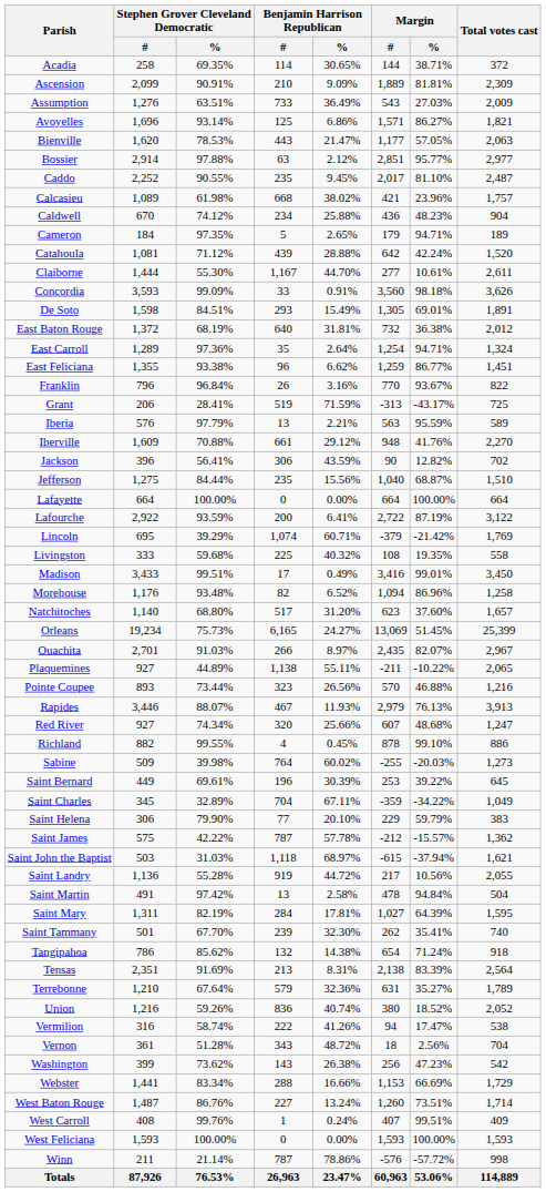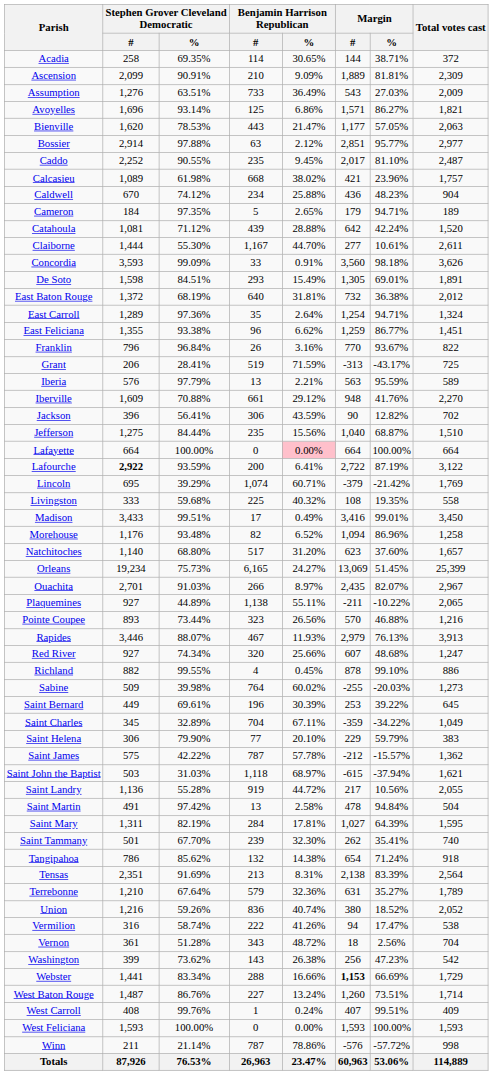 <table class="wikitable sortable mw-collapsible mw-collapsed nowrap">
 <tr>
 <th rowspan="2">Parish</th>
 <th colspan="2">Stephen Grover Cleveland<br>Democratic</th>
 <th colspan="2">Benjamin Harrison<br>Republican</th>
 <th colspan="2">Margin</th>
 <th rowspan="2" data-sort-type="number">Total votes cast</th>
 </tr>
 <tr>
 <th data-sort-type="number">#</th>
 <th data-sort-type="number">%</th>
 <th data-sort-type="number" width="11%">#</th>
 <th data-sort-type="number" width="11%">%</th>
 <th data-sort-type="number">#</th>
 <th data-sort-type="number">%</th>
 </tr>
 <tr style="text-align:center">
 <td><a href='#'>Acadia</a></td>
 <td>258</td>
 <td>69.35%</td>
 <td>114</td>
 <td>30.65%</td>
 <td>144</td>
 <td>38.71%</td>
 <td>372</td>
 </tr>
 <tr style="text-align:center">
 <td><a href='#'>Ascension</a></td>
 <td>2,099</td>
 <td>90.91%</td>
 <td>210</td>
 <td>9.09%</td>
 <td>1,889</td>
 <td>81.81%</td>
 <td>2,309</td>
 </tr>
 <tr style="text-align:center">
 <td><a href='#'>Assumption</a></td>
 <td>1,276</td>
 <td>63.51%</td>
 <td>733</td>
 <td>36.49%</td>
 <td>543</td>
 <td>27.03%</td>
 <td>2,009</td>
 </tr>
 <tr style="text-align:center">
 <td><a href='#'>Avoyelles</a></td>
 <td>1,696</td>
 <td>93.14%</td>
 <td>125</td>
 <td>6.86%</td>
 <td>1,571</td>
 <td>86.27%</td>
 <td>1,821</td>
 </tr>
 <tr style="text-align:center">
 <td><a href='#'>Bienville</a></td>
 <td>1,620</td>
 <td>78.53%</td>
 <td>443</td>
 <td>21.47%</td>
 <td>1,177</td>
 <td>57.05%</td>
 <td>2,063</td>
 </tr>
 <tr style="text-align:center">
 <td><a href='#'>Bossier</a></td>
 <td>2,914</td>
 <td>97.88%</td>
 <td>63</td>
 <td>2.12%</td>
 <td>2,851</td>
 <td>95.77%</td>
 <td>2,977</td>
 </tr>
 <tr style="text-align:center">
 <td><a href='#'>Caddo</a></td>
 <td>2,252</td>
 <td>90.55%</td>
 <td>235</td>
 <td>9.45%</td>
 <td>2,017</td>
 <td>81.10%</td>
 <td>2,487</td>
 </tr>
 <tr style="text-align:center">
 <td><a href='#'>Calcasieu</a></td>
 <td>1,089</td>
 <td>61.98%</td>
 <td>668</td>
 <td>38.02%</td>
 <td>421</td>
 <td>23.96%</td>
 <td>1,757</td>
 </tr>
 <tr style="text-align:center">
 <td><a href='#'>Caldwell</a></td>
 <td>670</td>
 <td>74.12%</td>
 <td>234</td>
 <td>25.88%</td>
 <td>436</td>
 <td>48.23%</td>
 <td>904</td>
 </tr>
 <tr style="text-align:center">
 <td><a href='#'>Cameron</a></td>
 <td>184</td>
 <td>97.35%</td>
 <td>5</td>
 <td>2.65%</td>
 <td>179</td>
 <td>94.71%</td>
 <td>189</td>
 </tr>
 <tr style="text-align:center">
 <td><a href='#'>Catahoula</a></td>
 <td>1,081</td>
 <td>71.12%</td>
 <td>439</td>
 <td>28.88%</td>
 <td>642</td>
 <td>42.24%</td>
 <td>1,520</td>
 </tr>
 <tr style="text-align:center">
 <td><a href='#'>Claiborne</a></td>
 <td>1,444</td>
 <td>55.30%</td>
 <td>1,167</td>
 <td>44.70%</td>
 <td>277</td>
 <td>10.61%</td>
 <td>2,611</td>
 </tr>
 <tr style="text-align:center">
 <td><a href='#'>Concordia</a></td>
 <td>3,593</td>
 <td>99.09%</td>
 <td>33</td>
 <td>0.91%</td>
 <td>3,560</td>
 <td>98.18%</td>
 <td>3,626</td>
 </tr>
 <tr style="text-align:center">
 <td><a href='#'>De Soto</a></td>
 <td>1,598</td>
 <td>84.51%</td>
 <td>293</td>
 <td>15.49%</td>
 <td>1,305</td>
 <td>69.01%</td>
 <td>1,891</td>
 </tr>
 <tr style="text-align:center">
 <td><a href='#'>East Baton Rouge</a></td>
 <td>1,372</td>
 <td>68.19%</td>
 <td>640</td>
 <td>31.81%</td>
 <td>732</td>
 <td>36.38%</td>
 <td>2,012</td>
 </tr>
 <tr style="text-align:center">
 <td><a href='#'>East Carroll</a></td>
 <td>1,289</td>
 <td>97.36%</td>
 <td>35</td>
 <td>2.64%</td>
 <td>1,254</td>
 <td>94.71%</td>
 <td>1,324</td>
 </tr>
 <tr style="text-align:center">
 <td><a href='#'>East Feliciana</a></td>
 <td>1,355</td>
 <td>93.38%</td>
 <td>96</td>
 <td>6.62%</td>
 <td>1,259</td>
 <td>86.77%</td>
 <td>1,451</td>
 </tr>
 <tr style="text-align:center">
 <td><a href='#'>Franklin</a></td>
 <td>796</td>
 <td>96.84%</td>
 <td>26</td>
 <td>3.16%</td>
 <td>770</td>
 <td>93.67%</td>
 <td>822</td>
 </tr>
 <tr style="text-align:center">
 <td><a href='#'>Grant</a></td>
 <td>206</td>
 <td>28.41%</td>
 <td>519</td>
 <td>71.59%</td>
 <td>-313</td>
 <td>-43.17%</td>
 <td>725</td>
 </tr>
 <tr style="text-align:center">
 <td><a href='#'>Iberia</a></td>
 <td>576</td>
 <td>97.79%</td>
 <td>13</td>
 <td>2.21%</td>
 <td>563</td>
 <td>95.59%</td>
 <td>589</td>
 </tr>
 <tr style="text-align:center">
 <td><a href='#'>Iberville</a></td>
 <td>1,609</td>
 <td>70.88%</td>
 <td>661</td>
 <td>29.12%</td>
 <td>948</td>
 <td>41.76%</td>
 <td>2,270</td>
 </tr>
 <tr style="text-align:center">
 <td><a href='#'>Jackson</a></td>
 <td>396</td>
 <td>56.41%</td>
 <td>306</td>
 <td>43.59%</td>
 <td>90</td>
 <td>12.82%</td>
 <td>702</td>
 </tr>
 <tr style="text-align:center">
 <td><a href='#'>Jefferson</a></td>
 <td>1,275</td>
 <td>84.44%</td>
 <td>235</td>
 <td>15.56%</td>
 <td>1,040</td>
 <td>68.87%</td>
 <td>1,510</td>
 </tr>
 <tr style="text-align:center">
 <td><a href='#'>Lafayette</a></td>
 <td>664</td>
 <td>100.00%</td>
 <td>0</td>
-<td>0.00%</td>
+<td style="background: pink;">0.00%</td>
 <td>664</td>
 <td>100.00%</td>
 <td>664</td>
 </tr>
 <tr style="text-align:center">
 <td><a href='#'>Lafourche</a></td>
-<td>2,922</td>
+<td><strong>2,922</strong></td>
 <td>93.59%</td>
 <td>200</td>
 <td>6.41%</td>
 <td>2,722</td>
 <td>87.19%</td>
 <td>3,122</td>
 </tr>
 <tr style="text-align:center">
 <td><a href='#'>Lincoln</a></td>
 <td>695</td>
 <td>39.29%</td>
 <td>1,074</td>
 <td>60.71%</td>
 <td>-379</td>
 <td>-21.42%</td>
 <td>1,769</td>
 </tr>
 <tr style="text-align:center">
 <td><a href='#'>Livingston</a></td>
 <td>333</td>
 <td>59.68%</td>
 <td>225</td>
 <td>40.32%</td>
 <td>108</td>
 <td>19.35%</td>
 <td>558</td>
 </tr>
 <tr style="text-align:center">
 <td><a href='#'>Madison</a></td>
 <td>3,433</td>
 <td>99.51%</td>
 <td>17</td>
 <td>0.49%</td>
 <td>3,416</td>
 <td>99.01%</td>
 <td>3,450</td>
 </tr>
 <tr style="text-align:center">
 <td><a href='#'>Morehouse</a></td>
 <td>1,176</td>
 <td>93.48%</td>
 <td>82</td>
 <td>6.52%</td>
 <td>1,094</td>
 <td>86.96%</td>
 <td>1,258</td>
 </tr>
 <tr style="text-align:center">
 <td><a href='#'>Natchitoches</a></td>
 <td>1,140</td>
 <td>68.80%</td>
 <td>517</td>
 <td>31.20%</td>
 <td>623</td>
 <td>37.60%</td>
 <td>1,657</td>
 </tr>
 <tr style="text-align:center">
 <td><a href='#'>Orleans</a></td>
 <td>19,234</td>
 <td>75.73%</td>
 <td>6,165</td>
 <td>24.27%</td>
 <td>13,069</td>
 <td>51.45%</td>
 <td>25,399</td>
 </tr>
 <tr style="text-align:center">
 <td><a href='#'>Ouachita</a></td>
 <td>2,701</td>
 <td>91.03%</td>
 <td>266</td>
 <td>8.97%</td>
 <td>2,435</td>
 <td>82.07%</td>
 <td>2,967</td>
 </tr>
 <tr style="text-align:center">
 <td><a href='#'>Plaquemines</a></td>
 <td>927</td>
 <td>44.89%</td>
 <td>1,138</td>
 <td>55.11%</td>
 <td>-211</td>
 <td>-10.22%</td>
 <td>2,065</td>
 </tr>
 <tr style="text-align:center">
 <td><a href='#'>Pointe Coupee</a></td>
 <td>893</td>
 <td>73.44%</td>
 <td>323</td>
 <td>26.56%</td>
 <td>570</td>
 <td>46.88%</td>
 <td>1,216</td>
 </tr>
 <tr style="text-align:center">
 <td><a href='#'>Rapides</a></td>
 <td>3,446</td>
 <td>88.07%</td>
 <td>467</td>
 <td>11.93%</td>
 <td>2,979</td>
 <td>76.13%</td>
 <td>3,913</td>
 </tr>
 <tr style="text-align:center">
 <td><a href='#'>Red River</a></td>
 <td>927</td>
 <td>74.34%</td>
 <td>320</td>
 <td>25.66%</td>
 <td>607</td>
 <td>48.68%</td>
 <td>1,247</td>
 </tr>
 <tr style="text-align:center">
 <td><a href='#'>Richland</a></td>
 <td>882</td>
 <td>99.55%</td>
 <td>4</td>
 <td>0.45%</td>
 <td>878</td>
 <td>99.10%</td>
 <td>886</td>
 </tr>
 <tr style="text-align:center">
 <td><a href='#'>Sabine</a></td>
 <td>509</td>
 <td>39.98%</td>
 <td>764</td>
 <td>60.02%</td>
 <td>-255</td>
 <td>-20.03%</td>
 <td>1,273</td>
 </tr>
 <tr style="text-align:center">
 <td><a href='#'>Saint Bernard</a></td>
 <td>449</td>
 <td>69.61%</td>
 <td>196</td>
 <td>30.39%</td>
 <td>253</td>
 <td>39.22%</td>
 <td>645</td>
 </tr>
 <tr style="text-align:center">
 <td><a href='#'>Saint Charles</a></td>
 <td>345</td>
 <td>32.89%</td>
 <td>704</td>
 <td>67.11%</td>
 <td>-359</td>
 <td>-34.22%</td>
 <td>1,049</td>
 </tr>
 <tr style="text-align:center">
 <td><a href='#'>Saint Helena</a></td>
 <td>306</td>
 <td>79.90%</td>
 <td>77</td>
 <td>20.10%</td>
 <td>229</td>
 <td>59.79%</td>
 <td>383</td>
 </tr>
 <tr style="text-align:center">
 <td><a href='#'>Saint James</a></td>
 <td>575</td>
 <td>42.22%</td>
 <td>787</td>
 <td>57.78%</td>
 <td>-212</td>
 <td>-15.57%</td>
 <td>1,362</td>
 </tr>
 <tr style="text-align:center">
 <td><a href='#'>Saint John the Baptist</a></td>
 <td>503</td>
 <td>31.03%</td>
 <td>1,118</td>
 <td>68.97%</td>
 <td>-615</td>
 <td>-37.94%</td>
 <td>1,621</td>
 </tr>
 <tr style="text-align:center">
 <td><a href='#'>Saint Landry</a></td>
 <td>1,136</td>
 <td>55.28%</td>
 <td>919</td>
 <td>44.72%</td>
 <td>217</td>
 <td>10.56%</td>
 <td>2,055</td>
 </tr>
 <tr style="text-align:center">
 <td><a href='#'>Saint Martin</a></td>
 <td>491</td>
 <td>97.42%</td>
 <td>13</td>
 <td>2.58%</td>
 <td>478</td>
 <td>94.84%</td>
 <td>504</td>
 </tr>
 <tr style="text-align:center">
 <td><a href='#'>Saint Mary</a></td>
 <td>1,311</td>
 <td>82.19%</td>
 <td>284</td>
 <td>17.81%</td>
 <td>1,027</td>
 <td>64.39%</td>
 <td>1,595</td>
 </tr>
 <tr style="text-align:center">
 <td><a href='#'>Saint Tammany</a></td>
 <td>501</td>
 <td>67.70%</td>
 <td>239</td>
 <td>32.30%</td>
 <td>262</td>
 <td>35.41%</td>
 <td>740</td>
 </tr>
 <tr style="text-align:center">
 <td><a href='#'>Tangipahoa</a></td>
 <td>786</td>
 <td>85.62%</td>
 <td>132</td>
 <td>14.38%</td>
 <td>654</td>
 <td>71.24%</td>
 <td>918</td>
 </tr>
 <tr style="text-align:center">
 <td><a href='#'>Tensas</a></td>
 <td>2,351</td>
 <td>91.69%</td>
 <td>213</td>
 <td>8.31%</td>
 <td>2,138</td>
 <td>83.39%</td>
 <td>2,564</td>
 </tr>
 <tr style="text-align:center">
 <td><a href='#'>Terrebonne</a></td>
 <td>1,210</td>
 <td>67.64%</td>
 <td>579</td>
 <td>32.36%</td>
 <td>631</td>
 <td>35.27%</td>
 <td>1,789</td>
 </tr>
 <tr style="text-align:center">
 <td><a href='#'>Union</a></td>
 <td>1,216</td>
 <td>59.26%</td>
 <td>836</td>
 <td>40.74%</td>
 <td>380</td>
 <td>18.52%</td>
 <td>2,052</td>
 </tr>
 <tr style="text-align:center">
 <td><a href='#'>Vermilion</a></td>
 <td>316</td>
 <td>58.74%</td>
 <td>222</td>
 <td>41.26%</td>
 <td>94</td>
 <td>17.47%</td>
 <td>538</td>
 </tr>
 <tr style="text-align:center">
 <td><a href='#'>Vernon</a></td>
 <td>361</td>
 <td>51.28%</td>
 <td>343</td>
 <td>48.72%</td>
 <td>18</td>
 <td>2.56%</td>
 <td>704</td>
 </tr>
 <tr style="text-align:center">
 <td><a href='#'>Washington</a></td>
 <td>399</td>
 <td>73.62%</td>
 <td>143</td>
 <td>26.38%</td>
 <td>256</td>
 <td>47.23%</td>
 <td>542</td>
 </tr>
 <tr style="text-align:center">
 <td><a href='#'>Webster</a></td>
 <td>1,441</td>
 <td>83.34%</td>
 <td>288</td>
 <td>16.66%</td>
-<td>1,153</td>
+<td><strong>1,153</strong></td>
 <td>66.69%</td>
 <td>1,729</td>
 </tr>
 <tr style="text-align:center">
 <td><a href='#'>West Baton Rouge</a></td>
 <td>1,487</td>
 <td>86.76%</td>
 <td>227</td>
 <td>13.24%</td>
 <td>1,260</td>
 <td>73.51%</td>
 <td>1,714</td>
 </tr>
 <tr style="text-align:center">
 <td><a href='#'>West Carroll</a></td>
 <td>408</td>
 <td>99.76%</td>
 <td>1</td>
 <td>0.24%</td>
 <td>407</td>
 <td>99.51%</td>
 <td>409</td>
 </tr>
 <tr style="text-align:center">
 <td><a href='#'>West Feliciana</a></td>
 <td>1,593</td>
 <td>100.00%</td>
 <td>0</td>
 <td>0.00%</td>
 <td>1,593</td>
 <td>100.00%</td>
 <td>1,593</td>
 </tr>
 <tr style="text-align:center">
 <td><a href='#'>Winn</a></td>
 <td>211</td>
 <td>21.14%</td>
 <td>787</td>
 <td>78.86%</td>
 <td>-576</td>
 <td>-57.72%</td>
 <td>998</td>
 </tr>
 <tr>
 <th>Totals</th>
 <th>87,926</th>
 <th>76.53%</th>
 <th>26,963</th>
 <th>23.47%</th>
 <th>60,963</th>
 <th>53.06%</th>
 <th>114,889</th>
 </tr>
 </table>
